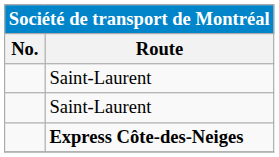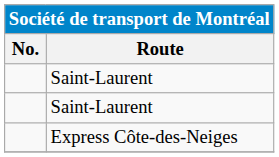 <table align=center class="wikitable">
 <tr>
 <th style="background: #0085CA; font-size:100%; color:#FFFFFF;"colspan="4">Société de transport de Montréal</th>
 </tr>
 <tr>
 <th>No.</th>
 <th>Route</th>
 </tr>
 <tr>
 <td {{Avoid wrap> </td>
 <td>Saint-Laurent</td>
 </tr>
 <tr>
 <td {{Avoid wrap> </td>
 <td>Saint-Laurent</td>
 </tr>
 <tr>
 <td></td>
-<td><strong>Express Côte-des-Neiges</strong></td>
+<td>Express Côte-des-Neiges</td>
 </tr>
 <tr>
 </tr>
 </table>
